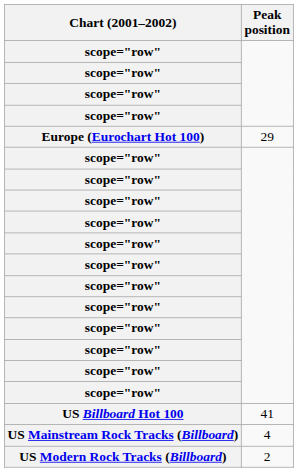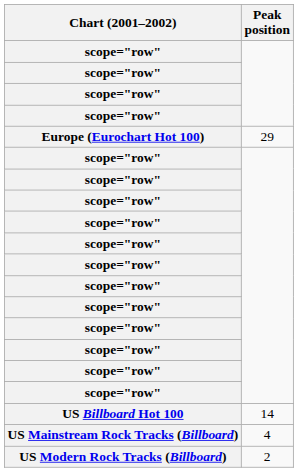 <table class="wikitable sortable plainrowheaders" style="text-align:center">
 <tr>
 <th scope="col">Chart (2001–2002)</th>
 <th scope="col">Peak<br>position</th>
 </tr>
 <tr>
 <th>scope="row"</th>
 </tr>
 <tr>
 <th>scope="row"</th>
 </tr>
 <tr>
 <th>scope="row"</th>
 </tr>
 <tr>
 <th>scope="row"</th>
 </tr>
 <tr>
 <th scope="row">Europe (<a href='#'>Eurochart Hot 100</a>)</th>
 <td>29</td>
 </tr>
 <tr>
 <th>scope="row"</th>
 </tr>
 <tr>
 <th>scope="row"</th>
 </tr>
 <tr>
 <th>scope="row"</th>
 </tr>
 <tr>
 <th>scope="row"</th>
 </tr>
 <tr>
 <th>scope="row"</th>
 </tr>
 <tr>
 <th>scope="row"</th>
 </tr>
 <tr>
 <th>scope="row"</th>
 </tr>
 <tr>
 <th>scope="row"</th>
 </tr>
 <tr>
 <th>scope="row"</th>
 </tr>
 <tr>
 <th>scope="row"</th>
 </tr>
 <tr>
 <th>scope="row"</th>
 </tr>
 <tr>
 <th>scope="row"</th>
 </tr>
 <tr>
 <th scope="row">US <a href='#'><em>Billboard</em> Hot 100</a></th>
-<td>41</td>
+<td>14</td>
 </tr>
 <tr>
 <th scope="row">US <a href='#'>Mainstream Rock Tracks</a> (<em><a href='#'>Billboard</a></em>)</th>
 <td>4</td>
 </tr>
 <tr>
 <th scope="row">US <a href='#'>Modern Rock Tracks</a> (<em><a href='#'>Billboard</a></em>)</th>
 <td>2</td>
 </tr>
 </table>
